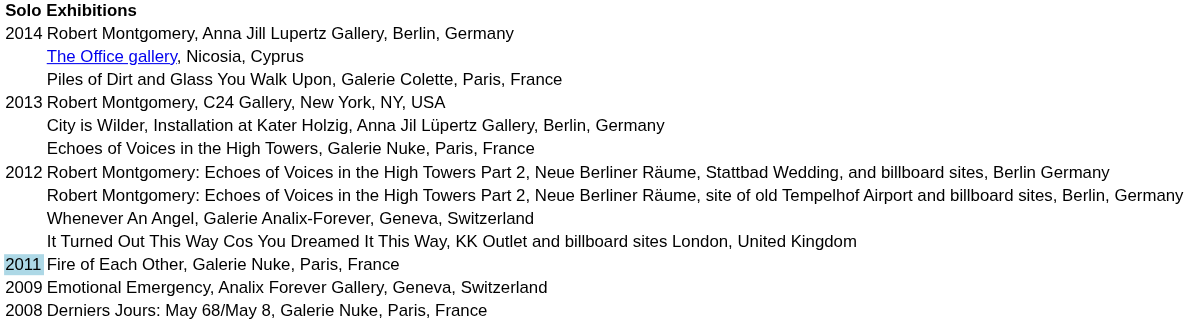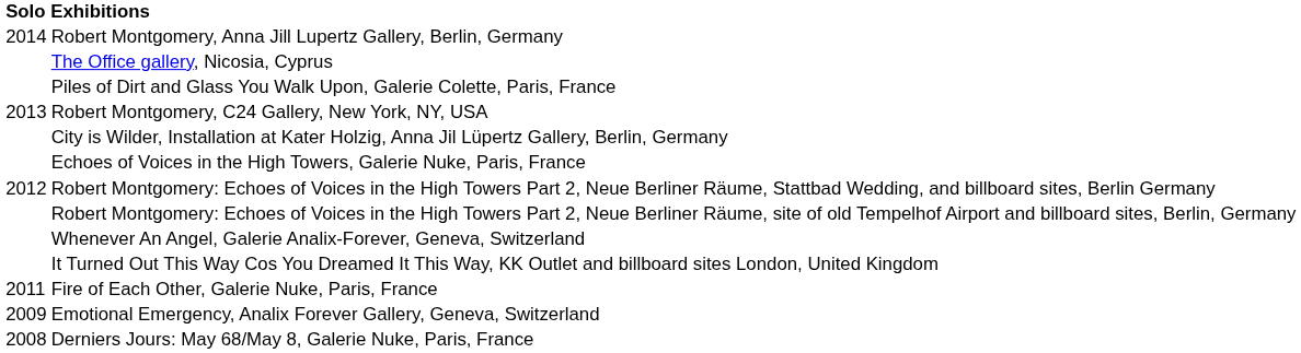 <table>
 <tr>
 <td colspan="2"><strong>Solo Exhibitions</strong></td>
 </tr>
 <tr>
 <td>2014</td>
 <td>Robert Montgomery, Anna Jill Lupertz Gallery, Berlin, Germany</td>
 </tr>
 <tr>
 <td></td>
 <td><a href='#'>The Office gallery</a>, Nicosia, Cyprus</td>
 </tr>
 <tr>
 <td></td>
 <td>Piles of Dirt and Glass You Walk Upon, Galerie Colette, Paris, France</td>
 </tr>
 <tr>
 <td>2013</td>
 <td>Robert Montgomery, C24 Gallery, New York, NY, USA</td>
 </tr>
 <tr>
 <td></td>
 <td>City is Wilder, Installation at Kater Holzig, Anna Jil Lüpertz Gallery, Berlin, Germany</td>
 </tr>
 <tr>
 <td></td>
 <td>Echoes of Voices in the High Towers, Galerie Nuke, Paris, France</td>
 </tr>
 <tr>
 <td>2012</td>
 <td>Robert Montgomery: Echoes of Voices in the High Towers Part 2, Neue Berliner Räume, Stattbad Wedding, and billboard sites, Berlin Germany</td>
 </tr>
 <tr>
 <td></td>
 <td>Robert Montgomery: Echoes of Voices in the High Towers Part 2, Neue Berliner Räume, site of old Tempelhof Airport and billboard sites, Berlin, Germany</td>
 </tr>
 <tr>
 <td></td>
 <td>Whenever An Angel, Galerie Analix-Forever, Geneva, Switzerland</td>
 </tr>
 <tr>
 <td></td>
 <td>It Turned Out This Way Cos You Dreamed It This Way, KK Outlet and billboard sites London, United Kingdom</td>
 </tr>
 <tr>
-<td style="background: lightblue;">2011</td>
+<td>2011</td>
 <td>Fire of Each Other, Galerie Nuke, Paris, France</td>
 </tr>
 <tr>
 <td>2009</td>
 <td>Emotional Emergency, Analix Forever Gallery, Geneva, Switzerland</td>
 </tr>
 <tr>
 <td>2008</td>
 <td>Derniers Jours: May 68/May 8, Galerie Nuke, Paris, France</td>
 </tr>
 </table>
